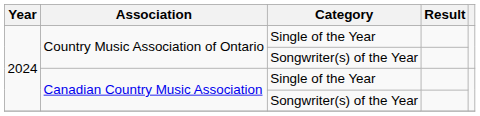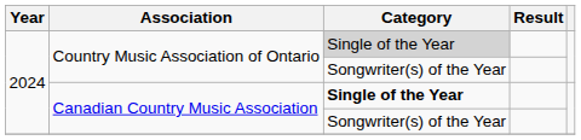 <table class="wikitable">
 <tr>
 <th>Year</th>
 <th>Association</th>
 <th>Category</th>
 <th>Result</th>
 <th></th>
 </tr>
 <tr>
 <td rowspan="4">2024</td>
 <td rowspan="2">Country Music Association of Ontario</td>
-<td>Single of the Year</td>
+<td style="background: lightgrey;">Single of the Year</td>
 <td></td>
 <td rowspan="2"></td>
 </tr>
 <tr>
 <td>Songwriter(s) of the Year</td>
 <td></td>
 </tr>
 <tr>
 <td rowspan="2"><a href='#'>Canadian Country Music Association</a></td>
-<td>Single of the Year</td>
+<td><strong>Single of the Year</strong></td>
 <td></td>
 <td rowspan="2"></td>
 </tr>
 <tr>
 <td>Songwriter(s) of the Year</td>
 <td></td>
 </tr>
 <tr>
 </tr>
 </table>
